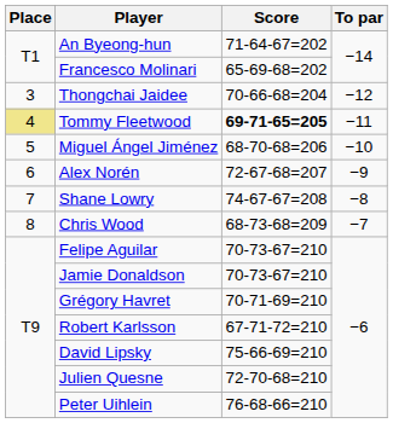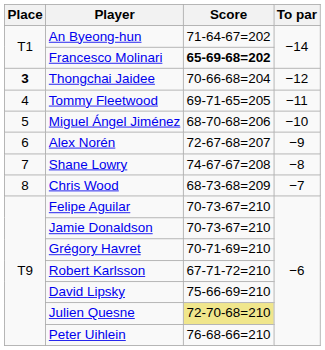 <table class="wikitable">
 <tr>
 <th>Place</th>
 <th>Player</th>
 <th>Score</th>
 <th>To par</th>
 </tr>
 <tr>
 <td rowspan=2 align=center>T1</td>
 <td> <a href='#'>An Byeong-hun</a></td>
 <td>71-64-67=202</td>
 <td rowspan=2 align=center>−14</td>
 </tr>
 <tr>
 <td> <a href='#'>Francesco Molinari</a></td>
-<td>65-69-68=202</td>
+<td><strong>65-69-68=202</strong></td>
 </tr>
 <tr>
-<td align=center>3</td>
+<td align=center><strong>3</strong></td>
 <td> <a href='#'>Thongchai Jaidee</a></td>
 <td>70-66-68=204</td>
 <td align=center>−12</td>
 </tr>
 <tr>
-<td align=center style="background: khaki;">4</td>
+<td align=center>4</td>
 <td> <a href='#'>Tommy Fleetwood</a></td>
-<td><strong>69-71-65=205</strong></td>
+<td>69-71-65=205</td>
 <td align=center>−11</td>
 </tr>
 <tr>
 <td align=center>5</td>
 <td> <a href='#'>Miguel Ángel Jiménez</a></td>
 <td>68-70-68=206</td>
 <td align=center>−10</td>
 </tr>
 <tr>
 <td align=center>6</td>
 <td> <a href='#'>Alex Norén</a></td>
 <td>72-67-68=207</td>
 <td align=center>−9</td>
 </tr>
 <tr>
 <td align=center>7</td>
 <td> <a href='#'>Shane Lowry</a></td>
 <td>74-67-67=208</td>
 <td align=center>−8</td>
 </tr>
 <tr>
 <td align=center>8</td>
 <td> <a href='#'>Chris Wood</a></td>
 <td>68-73-68=209</td>
 <td align=center>−7</td>
 </tr>
 <tr>
 <td rowspan=7 align=center>T9</td>
 <td> <a href='#'>Felipe Aguilar</a></td>
 <td>70-73-67=210</td>
 <td rowspan=7 align=center>−6</td>
 </tr>
 <tr>
 <td> <a href='#'>Jamie Donaldson</a></td>
 <td>70-73-67=210</td>
 </tr>
 <tr>
 <td> <a href='#'>Grégory Havret</a></td>
 <td>70-71-69=210</td>
 </tr>
 <tr>
 <td> <a href='#'>Robert Karlsson</a></td>
 <td>67-71-72=210</td>
 </tr>
 <tr>
 <td> <a href='#'>David Lipsky</a></td>
 <td>75-66-69=210</td>
 </tr>
 <tr>
 <td> <a href='#'>Julien Quesne</a></td>
-<td>72-70-68=210</td>
+<td style="background: khaki;">72-70-68=210</td>
 </tr>
 <tr>
 <td> <a href='#'>Peter Uihlein</a></td>
 <td>76-68-66=210</td>
 </tr>
 </table>
